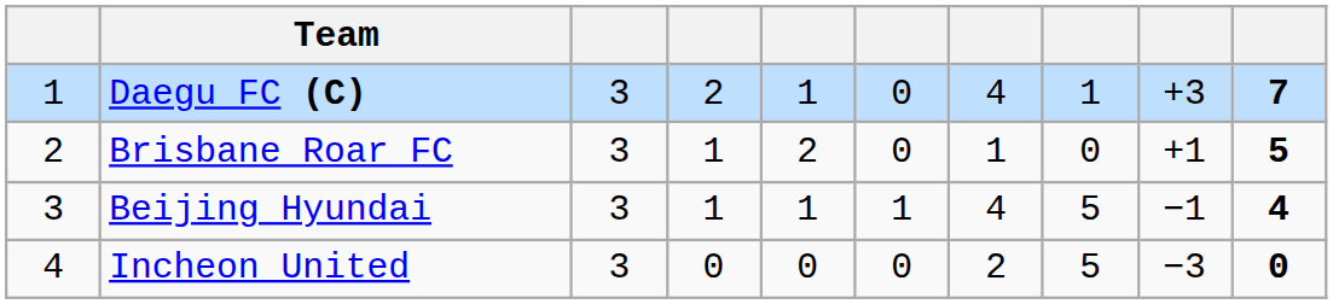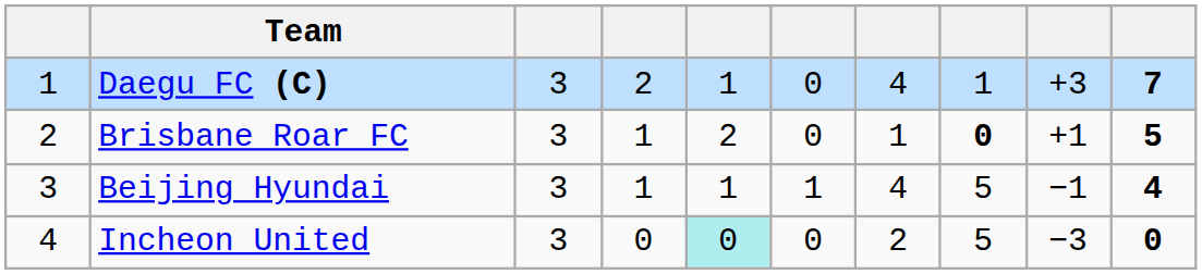 <table class="wikitable" style="text-align: center;">
 <tr>
 <th width=28></th>
 <th width=165>Team</th>
 <th width=28></th>
 <th width=28></th>
 <th width=28></th>
 <th width=28></th>
 <th width=28></th>
 <th width=28></th>
 <th width=28></th>
 <th width=28></th>
 </tr>
 <tr style="background: #bfdfff;">
 <td>1</td>
 <td align=left> <a href='#'>Daegu FC</a> <strong>(C)</strong></td>
 <td>3</td>
 <td>2</td>
 <td>1</td>
 <td>0</td>
 <td>4</td>
 <td>1</td>
 <td>+3</td>
 <td><strong>7</strong></td>
 </tr>
 <tr>
 <td>2</td>
 <td align=left> <a href='#'>Brisbane Roar FC</a></td>
 <td>3</td>
 <td>1</td>
 <td>2</td>
 <td>0</td>
 <td>1</td>
-<td>0</td>
+<td><strong>0</strong></td>
 <td>+1</td>
 <td><strong>5</strong></td>
 </tr>
 <tr>
 <td>3</td>
 <td align=left> <a href='#'>Beijing Hyundai</a></td>
 <td>3</td>
 <td>1</td>
 <td>1</td>
 <td>1</td>
 <td>4</td>
 <td>5</td>
 <td>−1</td>
 <td><strong>4</strong></td>
 </tr>
 <tr>
 <td>4</td>
 <td align=left> <a href='#'>Incheon United</a></td>
 <td>3</td>
 <td>0</td>
-<td>0</td>
+<td style="background: paleturquoise;">0</td>
 <td>0</td>
 <td>2</td>
 <td>5</td>
 <td>−3</td>
 <td><strong>0</strong></td>
 </tr>
 </table>
